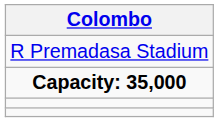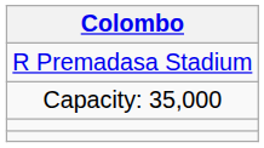 <table class="wikitable" style="margin:1em auto; text-align:center;">
 <tr>
 <th><a href='#'>Colombo</a></th>
 </tr>
 <tr>
 <td><a href='#'>R Premadasa Stadium</a></td>
 </tr>
 <tr>
-<td><strong>Capacity: 35,000</strong></td>
+<td>Capacity: 35,000</td>
 </tr>
 <tr>
 <td></td>
 </tr>
 <tr cellpadding="0" style="border:0 solid #777; text-align: center;">
 <td></td>
 </tr>
 </table>
